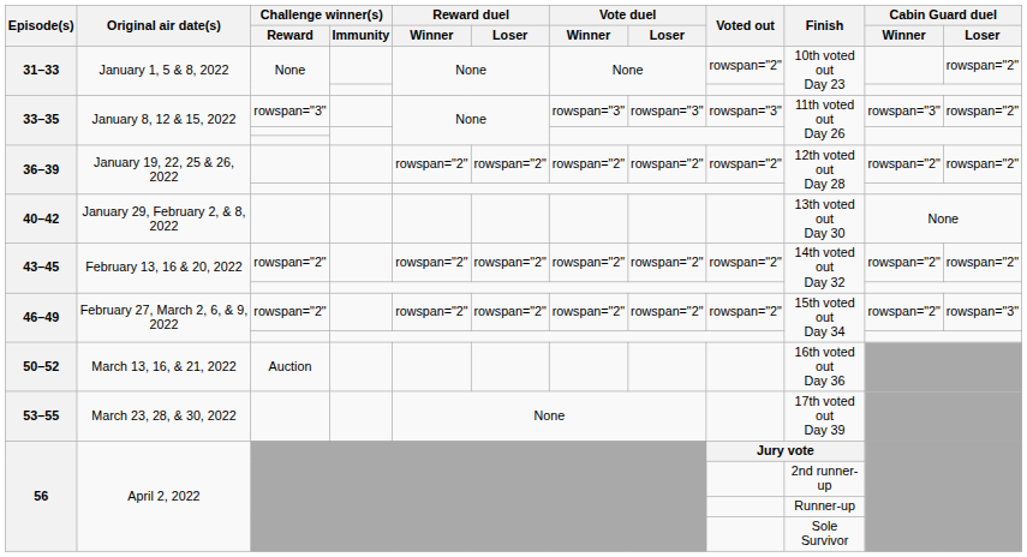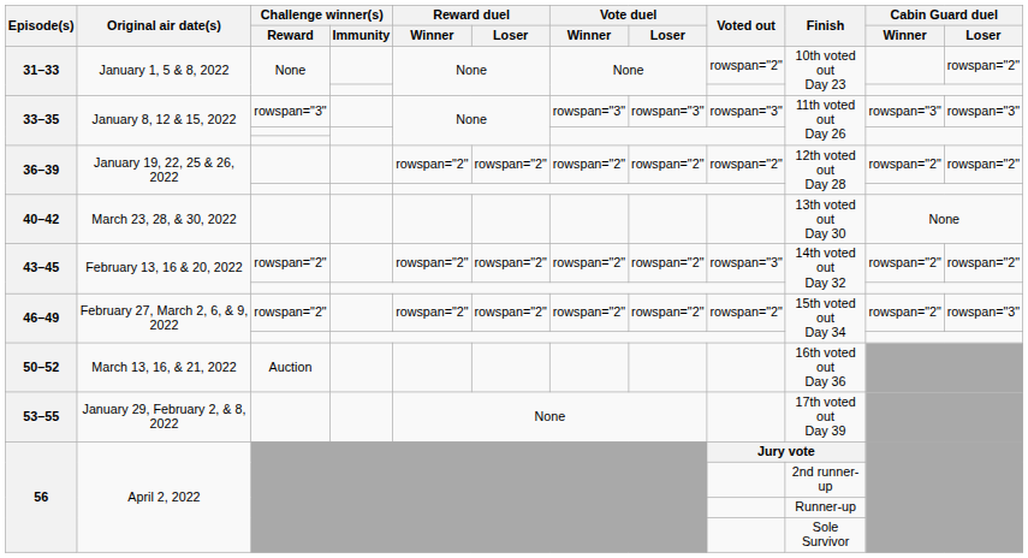 <table class="wikitable plainrowheaders nowrap" style="margin:auto; text-align:center">
 <tr>
 <th scope="col" rowspan="2">Episode(s)</th>
 <th scope="col" rowspan="2">Original air date(s)</th>
 <th scope="col" colspan="2">Challenge winner(s)</th>
 <th scope="col" colspan="2">Reward duel</th>
 <th scope="col" colspan="2">Vote duel</th>
 <th scope="col" rowspan="2">Voted out</th>
 <th scope="col" rowspan="2">Finish</th>
 <th scope="col" colspan="2">Cabin Guard duel</th>
 </tr>
 <tr>
 <th scope="col">Reward</th>
 <th scope="col">Immunity</th>
 <th scope="col">Winner</th>
 <th scope="col">Loser</th>
 <th scope="col">Winner</th>
 <th scope="col">Loser</th>
 <th scope="col">Winner</th>
 <th scope="col">Loser</th>
 </tr>
 <tr>
 <th rowspan="2">31–33</th>
 <td rowspan="2">January 1, 5 & 8, 2022</td>
 <td rowspan="2">None</td>
 <td></td>
 <td rowspan="2" colspan="2">None</td>
 <td rowspan="2" colspan="2">None</td>
 <td>rowspan="2" </td>
 <td rowspan="2">10th voted out<br>Day 23</td>
 <td></td>
 <td>rowspan="2" </td>
 </tr>
 <tr>
 <td></td>
 <td></td>
 </tr>
 <tr>
 <th rowspan="3">33–35</th>
 <td rowspan="3">January 8, 12 & 15, 2022</td>
 <td>rowspan="3" </td>
 <td></td>
 <td rowspan="3" colspan="2">None</td>
 <td>rowspan="3" </td>
 <td>rowspan="3" </td>
 <td>rowspan="3" </td>
 <td rowspan="3">11th voted out<br>Day 26</td>
 <td>rowspan="3" </td>
-<td>rowspan="2" </td>
+<td>rowspan="3" </td>
 </tr>
 <tr>
 <td></td>
 </tr>
 <tr>
 <td></td>
 </tr>
 <tr>
 <th rowspan="2">36–39</th>
 <td rowspan="2">January 19, 22, 25 & 26, 2022</td>
 <td></td>
 <td></td>
 <td>rowspan="2" </td>
 <td>rowspan="2" </td>
 <td>rowspan="2" </td>
 <td>rowspan="2" </td>
 <td>rowspan="2" </td>
 <td rowspan="2">12th voted out<br>Day 28</td>
 <td>rowspan="2" </td>
 <td>rowspan="2" </td>
 </tr>
 <tr>
 <td></td>
 <td></td>
 </tr>
 <tr>
 <th>40–42</th>
-<td>January 29, February 2, & 8, 2022</td>
+<td>March 23, 28, & 30, 2022</td>
 <td></td>
 <td></td>
 <td></td>
 <td></td>
 <td></td>
 <td></td>
 <td></td>
 <td>13th voted out<br>Day 30</td>
 <td colspan="2">None</td>
 </tr>
 <tr>
 <th rowspan="2">43–45</th>
 <td rowspan="2">February 13, 16 & 20, 2022</td>
 <td>rowspan="2" </td>
 <td></td>
 <td>rowspan="2" </td>
 <td>rowspan="2" </td>
 <td>rowspan="2" </td>
 <td>rowspan="2" </td>
-<td>rowspan="2" </td>
+<td>rowspan="3" </td>
 <td rowspan="2">14th voted out<br>Day 32</td>
 <td>rowspan="2" </td>
 <td>rowspan="2" </td>
 </tr>
 <tr>
 <td></td>
 </tr>
 <tr>
 <th rowspan="2">46–49</th>
 <td rowspan="2">February 27, March 2, 6, & 9, 2022</td>
 <td>rowspan="2" </td>
 <td></td>
 <td>rowspan="2" </td>
 <td>rowspan="2" </td>
 <td>rowspan="2" </td>
 <td>rowspan="2" </td>
 <td>rowspan="2" </td>
 <td rowspan="2">15th voted out<br>Day 34</td>
 <td>rowspan="2" </td>
 <td>rowspan="3" </td>
 </tr>
 <tr>
 <td></td>
 </tr>
 <tr>
 <th>50–52</th>
 <td>March 13, 16, & 21, 2022</td>
 <td>Auction</td>
 <td></td>
 <td></td>
 <td></td>
 <td></td>
 <td></td>
 <td></td>
 <td>16th voted out<br>Day 36</td>
 <td colspan="2" bgcolor="darkgrey"></td>
 </tr>
 <tr>
 <th>53–55</th>
-<td>March 23, 28, & 30, 2022</td>
+<td>January 29, February 2, & 8, 2022</td>
 <td></td>
 <td></td>
 <td colspan="4">None</td>
 <td></td>
 <td>17th voted out<br>Day 39</td>
 <td colspan="2" bgcolor="darkgrey"></td>
 </tr>
 <tr>
 <th rowspan="5">56</th>
 <td rowspan="5">April 2, 2022</td>
 <td rowspan="5" colspan="6" bgcolor="darkgrey"></td>
 <th colspan="2">Jury vote</th>
 <td rowspan="5" colspan="2" bgcolor="darkgrey"></td>
 </tr>
 <tr>
 <td></td>
 <td>2nd runner-up</td>
 </tr>
 <tr>
 <td></td>
 <td>Runner-up</td>
 </tr>
 <tr>
 <td></td>
 <td>Sole Survivor</td>
 </tr>
 </table>
